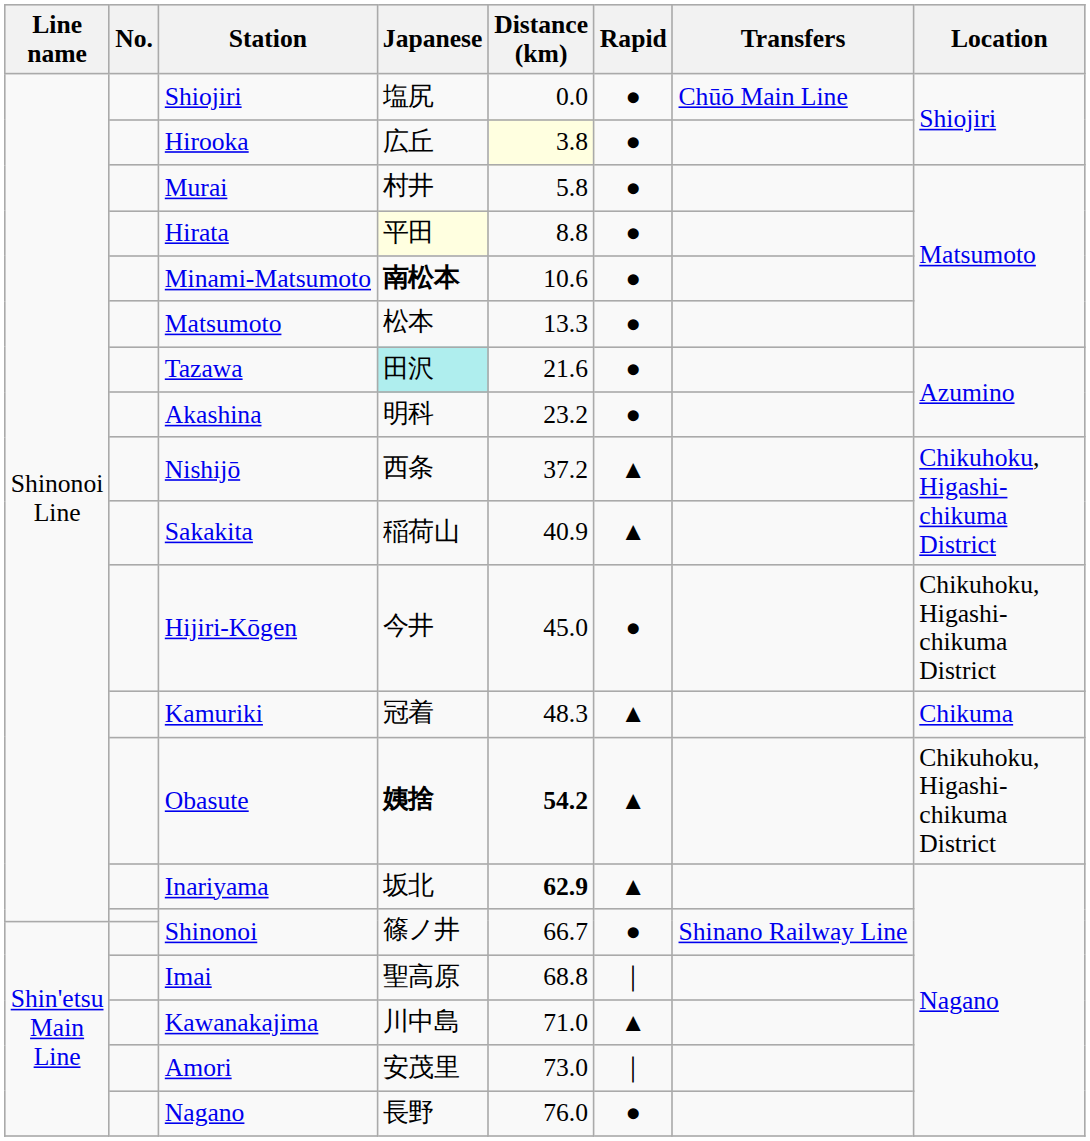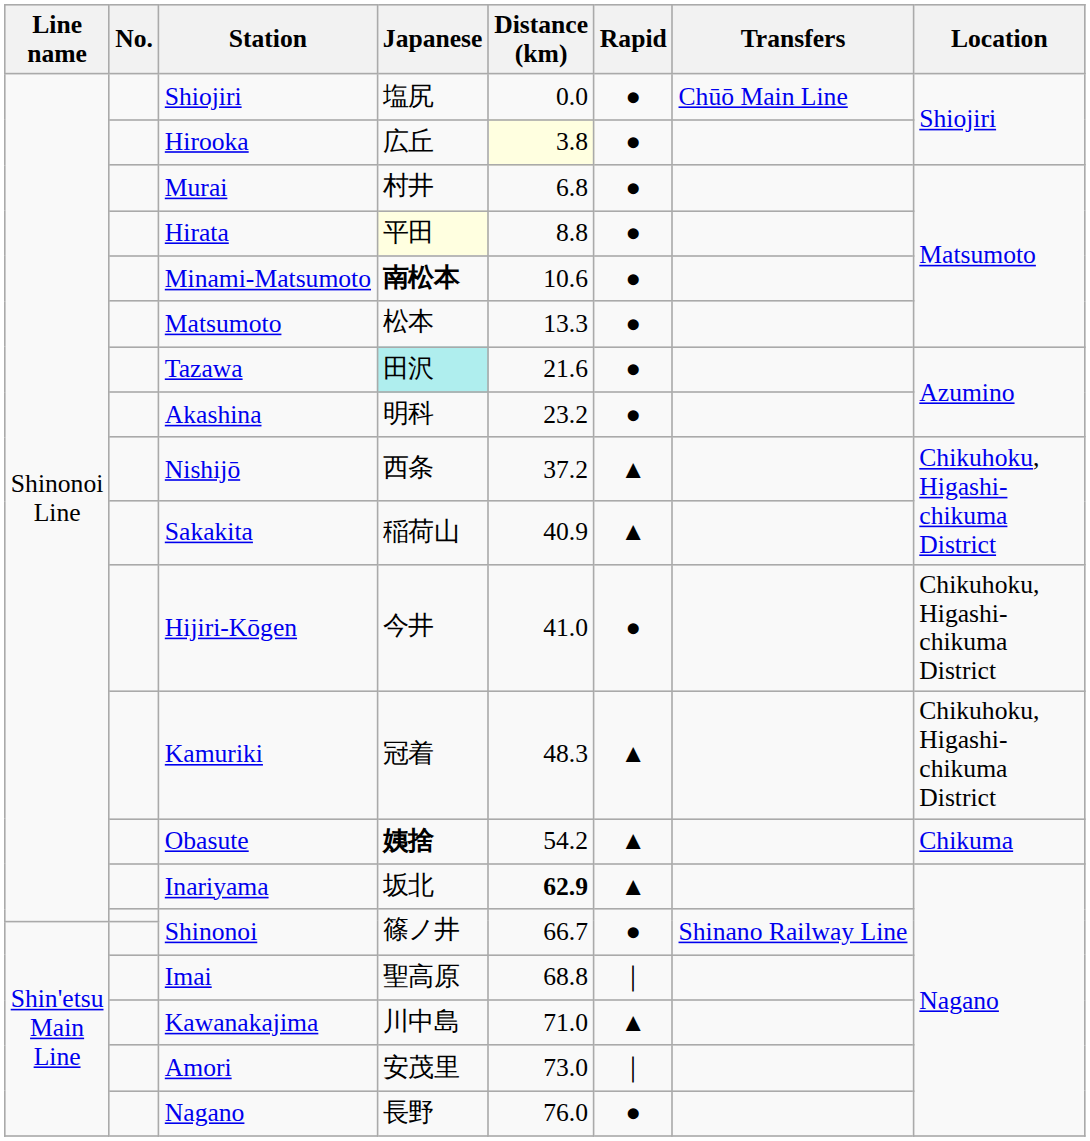 <table class="wikitable">
 <tr>
 <th>Line name</th>
 <th>No.</th>
 <th>Station</th>
 <th>Japanese</th>
 <th>Distance<br>(km)</th>
 <th>Rapid</th>
 <th>Transfers</th>
 <th>Location</th>
 </tr>
 <tr>
 <td width="16px" align="center" rowspan="15">Shinonoi Line</td>
 <td></td>
 <td><a href='#'>Shiojiri</a></td>
 <td>塩尻</td>
 <td align="right">0.0</td>
 <td align="center">●</td>
 <td>  <a href='#'>Chūō Main Line</a></td>
 <td width="100px" rowspan="2"><a href='#'>Shiojiri</a></td>
 </tr>
 <tr>
 <td></td>
 <td><a href='#'>Hirooka</a></td>
 <td>広丘</td>
 <td align="right" style="background: lightyellow;">3.8</td>
 <td align="center">●</td>
 <td> </td>
 </tr>
 <tr>
 <td></td>
 <td><a href='#'>Murai</a></td>
 <td>村井</td>
-<td align="right">5.8</td>
+<td align="right">6.8</td>
 <td align="center">●</td>
 <td> </td>
 <td width="100px" rowspan="4"><a href='#'>Matsumoto</a></td>
 </tr>
 <tr>
 <td></td>
 <td><a href='#'>Hirata</a></td>
 <td style="background: lightyellow;">平田</td>
 <td align="right">8.8</td>
 <td align="center">●</td>
 <td> </td>
 </tr>
 <tr>
 <td></td>
 <td><a href='#'>Minami-Matsumoto</a></td>
 <td><strong>南松本</strong></td>
 <td align="right">10.6</td>
 <td align="center">●</td>
 <td> </td>
 </tr>
 <tr>
 <td></td>
 <td><a href='#'>Matsumoto</a></td>
 <td>松本</td>
 <td align="right">13.3</td>
 <td align="center">●</td>
 <td></td>
 </tr>
 <tr>
 <td></td>
 <td><a href='#'>Tazawa</a></td>
 <td style="background: paleturquoise;">田沢</td>
 <td align="right">21.6</td>
 <td align="center">●</td>
 <td> </td>
 <td width="100px" rowspan="2"><a href='#'>Azumino</a></td>
 </tr>
 <tr>
 <td></td>
 <td><a href='#'>Akashina</a></td>
 <td>明科</td>
 <td align="right">23.2</td>
 <td align="center">●</td>
 <td> </td>
 </tr>
 <tr>
 <td></td>
 <td><a href='#'>Nishijō</a></td>
 <td>西条</td>
 <td align="right">37.2</td>
 <td align="center">▲</td>
 <td> </td>
 <td width="100px" rowspan="2"><a href='#'>Chikuhoku</a>, <a href='#'>Higashi­chikuma District</a></td>
 </tr>
 <tr>
 <td></td>
 <td><a href='#'>Sakakita</a></td>
 <td>稲荷山</td>
 <td align="right">40.9</td>
 <td align="center">▲</td>
 <td> </td>
 </tr>
 <tr>
 <td></td>
 <td><a href='#'>Hijiri-Kōgen</a></td>
 <td>今井</td>
-<td align="right">45.0</td>
+<td align="right">41.0</td>
 <td align="center">●</td>
 <td> </td>
 <td width="100px">Chikuhoku, Higashi­chikuma District</td>
 </tr>
 <tr>
 <td></td>
 <td><a href='#'>Kamuriki</a></td>
 <td>冠着</td>
 <td align="right">48.3</td>
 <td align="center">▲</td>
 <td> </td>
-<td width="100px"><a href='#'>Chikuma</a></td>
+<td width="100px">Chikuhoku, Higashi­chikuma District</td>
 </tr>
 <tr>
 <td></td>
 <td><a href='#'>Obasute</a></td>
 <td><strong>姨捨</strong></td>
-<td align="right"><strong>54.2</strong></td>
+<td align="right">54.2</td>
 <td align="center">▲</td>
 <td> </td>
-<td width="100px">Chikuhoku, Higashi­chikuma District</td>
+<td width="100px"><a href='#'>Chikuma</a></td>
 </tr>
 <tr>
 <td></td>
 <td><a href='#'>Inariyama</a></td>
 <td>坂北</td>
 <td align="right"><strong>62.9</strong></td>
 <td align="center">▲</td>
 <td> </td>
 <td width="100px" rowspan="7"><a href='#'>Nagano</a></td>
 </tr>
 <tr>
 <td></td>
 <td rowspan="2"><a href='#'>Shinonoi</a></td>
 <td rowspan="2">篠ノ井</td>
 <td rowspan="2" align="right">66.7</td>
 <td rowspan="2" align="center">●</td>
 <td rowspan="2"> <a href='#'>Shinano Railway Line</a></td>
 </tr>
 <tr>
 <td width="16px" rowspan="5" align="center"><a href='#'>Shin'etsu Main Line</a></td>
 <td></td>
 </tr>
 <tr>
 <td></td>
 <td><a href='#'>Imai</a></td>
 <td>聖高原</td>
 <td align="right">68.8</td>
 <td align="center">｜</td>
 <td> </td>
 </tr>
 <tr>
 <td></td>
 <td><a href='#'>Kawanakajima</a></td>
 <td>川中島</td>
 <td align="right">71.0</td>
 <td align="center">▲</td>
 <td> </td>
 </tr>
 <tr>
 <td></td>
 <td><a href='#'>Amori</a></td>
 <td>安茂里</td>
 <td align="right">73.0</td>
 <td align="center">｜</td>
 <td> </td>
 </tr>
 <tr>
 <td></td>
 <td><a href='#'>Nagano</a></td>
 <td>長野</td>
 <td align="right">76.0</td>
 <td align="center">●</td>
 <td></td>
 </tr>
 </table>
